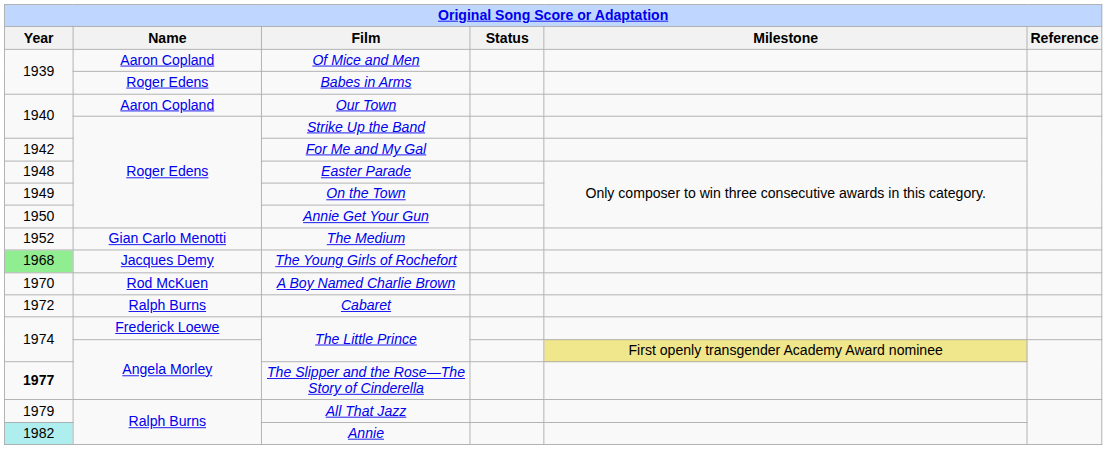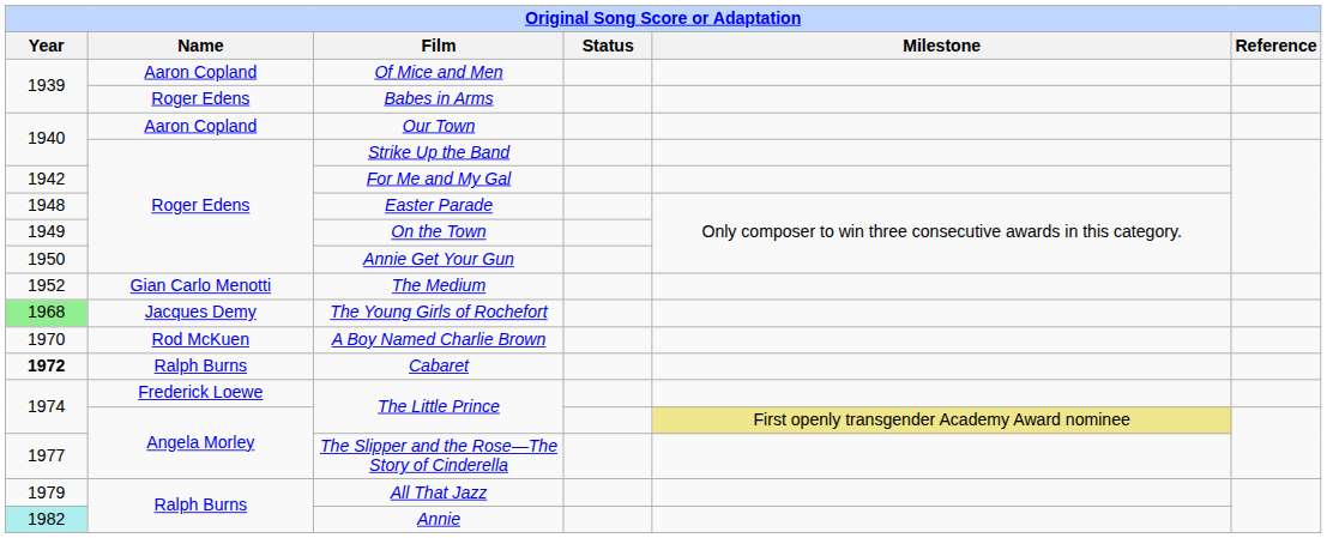 <table class="wikitable" style="text-align: center">
 <tr style="background:#bfd7ff;">
 <td colspan="6" style="text-align:center;"><strong><a href='#'>Original Song Score or Adaptation</a></strong></td>
 </tr>
 <tr style="background:#ebf5ff;">
 <th style="width:075px;">Year</th>
 <th style="width:225px;">Name</th>
 <th style="width:250px;">Film</th>
 <th style="width:080px;">Status</th>
 <th style="width:600px;">Milestone</th>
 <th width="50">Reference</th>
 </tr>
 <tr>
 <td rowspan=2>1939</td>
 <td><a href='#'>Aaron Copland</a></td>
 <td><em><a href='#'>Of Mice and Men</a></em></td>
 <td></td>
 <td></td>
 <td></td>
 </tr>
 <tr>
 <td><a href='#'>Roger Edens</a></td>
 <td><em><a href='#'>Babes in Arms</a></em></td>
 <td></td>
 <td></td>
 <td></td>
 </tr>
 <tr>
 <td rowspan=2>1940</td>
 <td><a href='#'>Aaron Copland</a></td>
 <td><em><a href='#'>Our Town</a></em></td>
 <td></td>
 <td></td>
 <td></td>
 </tr>
 <tr>
 <td rowspan=5><a href='#'>Roger Edens</a></td>
 <td><em><a href='#'>Strike Up the Band</a></em></td>
 <td></td>
 <td></td>
 <td rowspan=5></td>
 </tr>
 <tr>
 <td>1942</td>
 <td><em><a href='#'>For Me and My Gal</a></em></td>
 <td></td>
 <td></td>
 </tr>
 <tr>
 <td>1948</td>
 <td><em><a href='#'>Easter Parade</a></em></td>
 <td></td>
 <td rowspan="3">Only composer to win three consecutive awards in this category.</td>
 </tr>
 <tr>
 <td>1949</td>
 <td><em><a href='#'>On the Town</a></em></td>
 <td></td>
 </tr>
 <tr>
 <td>1950</td>
 <td><em><a href='#'>Annie Get Your Gun</a></em></td>
 <td></td>
 </tr>
 <tr>
 <td>1952</td>
 <td><a href='#'>Gian Carlo Menotti</a></td>
 <td><em><a href='#'>The Medium</a></em></td>
 <td></td>
 <td></td>
 <td></td>
 </tr>
 <tr>
 <td style="background: lightgreen;">1968</td>
 <td><a href='#'>Jacques Demy</a></td>
 <td><em><a href='#'>The Young Girls of Rochefort</a></em></td>
 <td></td>
 <td></td>
 <td></td>
 </tr>
 <tr>
 <td>1970</td>
 <td><a href='#'>Rod McKuen</a></td>
 <td><em><a href='#'>A Boy Named Charlie Brown</a></em></td>
 <td></td>
 <td></td>
 <td></td>
 </tr>
 <tr>
-<td>1972</td>
+<td><strong>1972</strong></td>
 <td><a href='#'>Ralph Burns</a></td>
 <td><em><a href='#'>Cabaret</a></em></td>
 <td></td>
 <td></td>
 <td></td>
 </tr>
 <tr>
 <td rowspan=2>1974</td>
 <td><a href='#'>Frederick Loewe</a></td>
 <td rowspan=2><em><a href='#'>The Little Prince</a></em></td>
 <td></td>
 <td></td>
 <td></td>
 </tr>
 <tr>
 <td rowspan=2><a href='#'>Angela Morley</a></td>
 <td></td>
 <td style="background: khaki;">First openly transgender Academy Award nominee</td>
 <td rowspan=2></td>
 </tr>
 <tr>
-<td><strong>1977</strong></td>
+<td>1977</td>
 <td><em><a href='#'>The Slipper and the Rose—The Story of Cinderella</a></em></td>
 <td></td>
 <td></td>
 </tr>
 <tr>
 <td>1979</td>
 <td rowspan=2><a href='#'>Ralph Burns</a></td>
 <td><em><a href='#'>All That Jazz</a></em></td>
 <td></td>
 <td></td>
 <td rowspan=2></td>
 </tr>
 <tr>
 <td style="background: paleturquoise;">1982</td>
 <td><em><a href='#'>Annie</a></em></td>
 <td></td>
 <td></td>
 </tr>
 </table>
